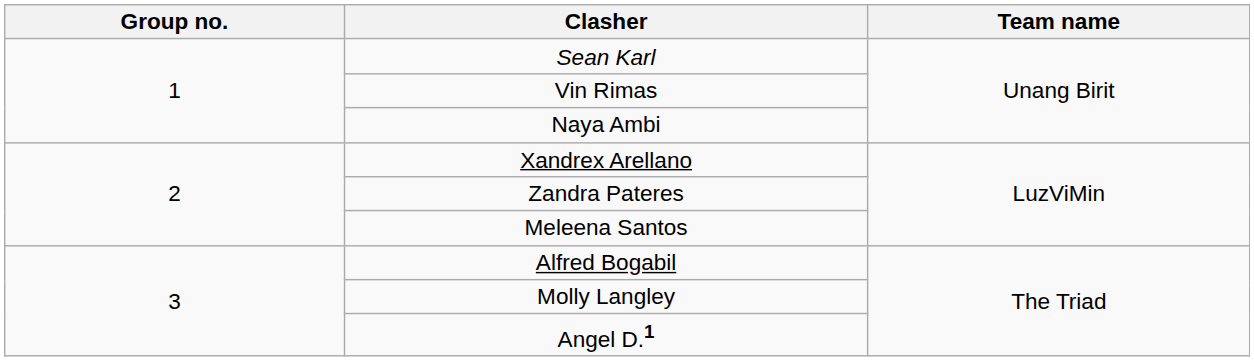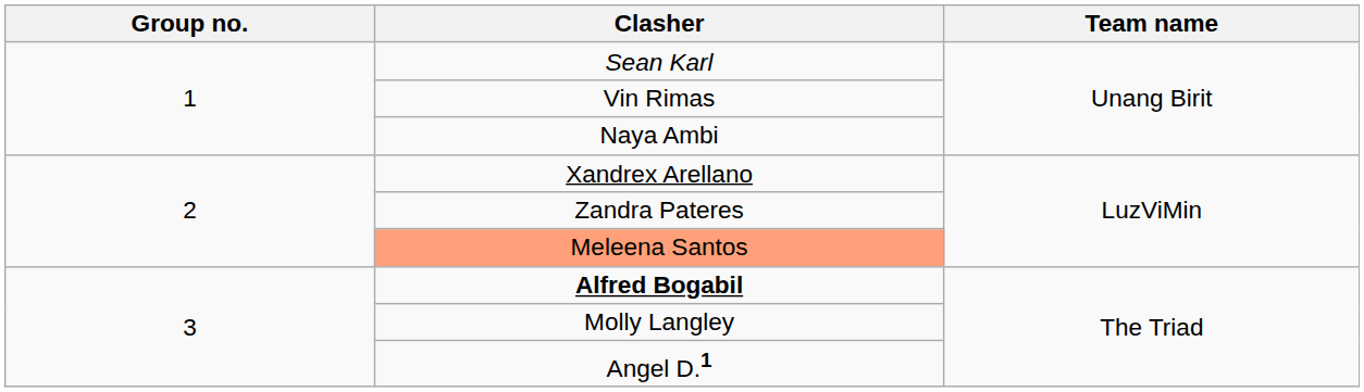 <table class="wikitable collapsible collapsed" style="text-align:center; line-height:17px; width:100%;">
 <tr>
 <th>Group no.</th>
 <th>Clasher</th>
 <th>Team name</th>
 </tr>
 <tr>
 <td rowspan="3">1</td>
 <td><em>Sean Karl</em></td>
 <td rowspan="3">Unang Birit</td>
 </tr>
 <tr>
 <td>Vin Rimas</td>
 </tr>
 <tr>
 <td>Naya Ambi</td>
 </tr>
 <tr>
 <td rowspan="3">2</td>
 <td><u>Xandrex Arellano</u></td>
 <td rowspan="3">LuzViMin</td>
 </tr>
 <tr>
 <td>Zandra Pateres</td>
 </tr>
 <tr>
-<td>Meleena Santos</td>
+<td style="background: lightsalmon;">Meleena Santos</td>
 </tr>
 <tr>
 <td rowspan="3">3</td>
-<td><u>Alfred Bogabil</u></td>
+<td><strong><u>Alfred Bogabil</u></strong></td>
 <td rowspan="3">The Triad</td>
 </tr>
 <tr>
 <td>Molly Langley</td>
 </tr>
 <tr>
 <td>Angel D.<sup><strong>1</strong></sup></td>
 </tr>
 </table>
